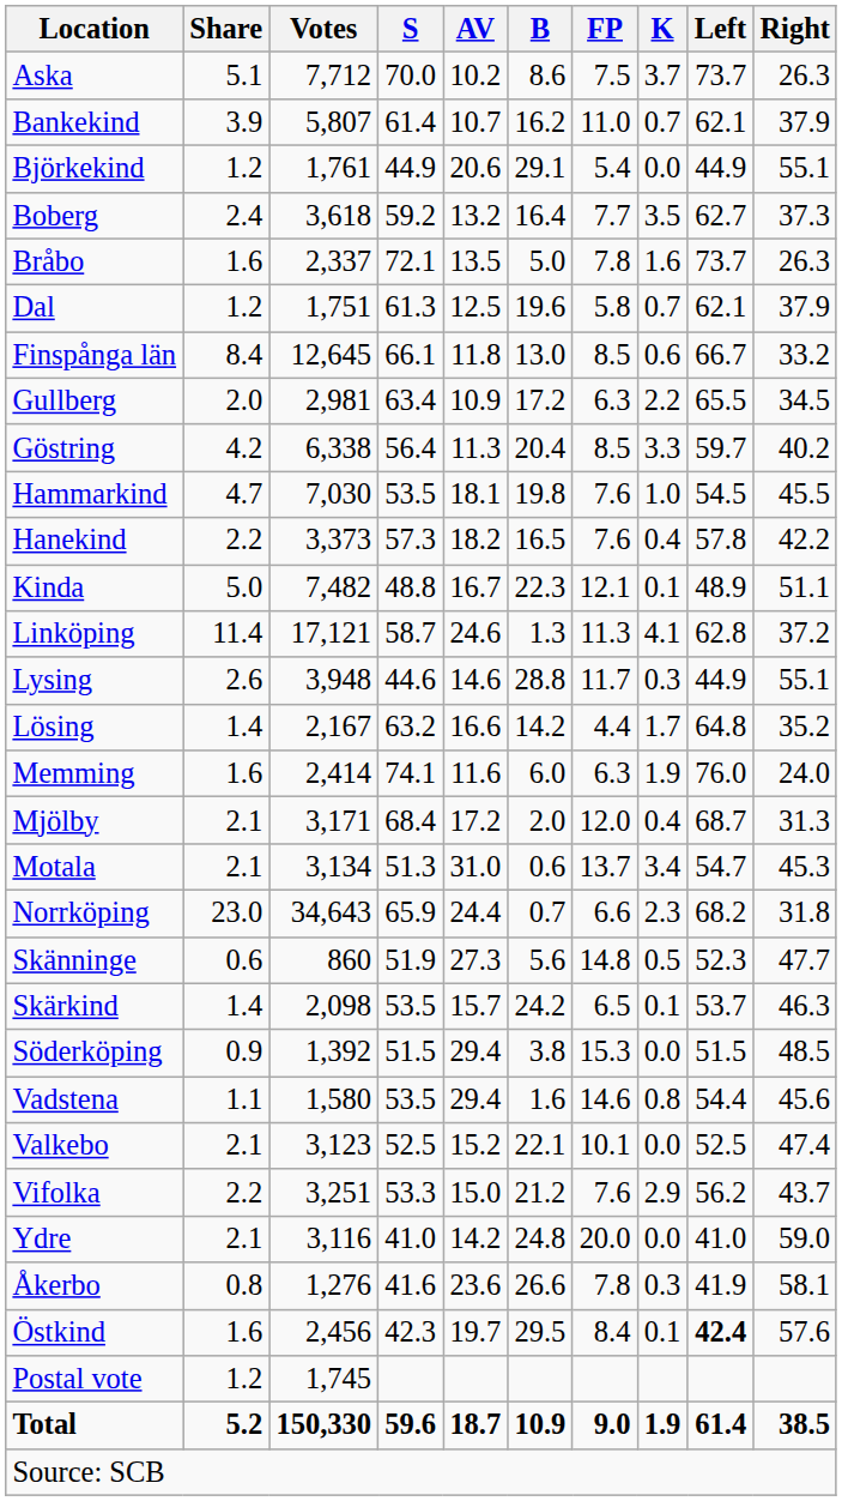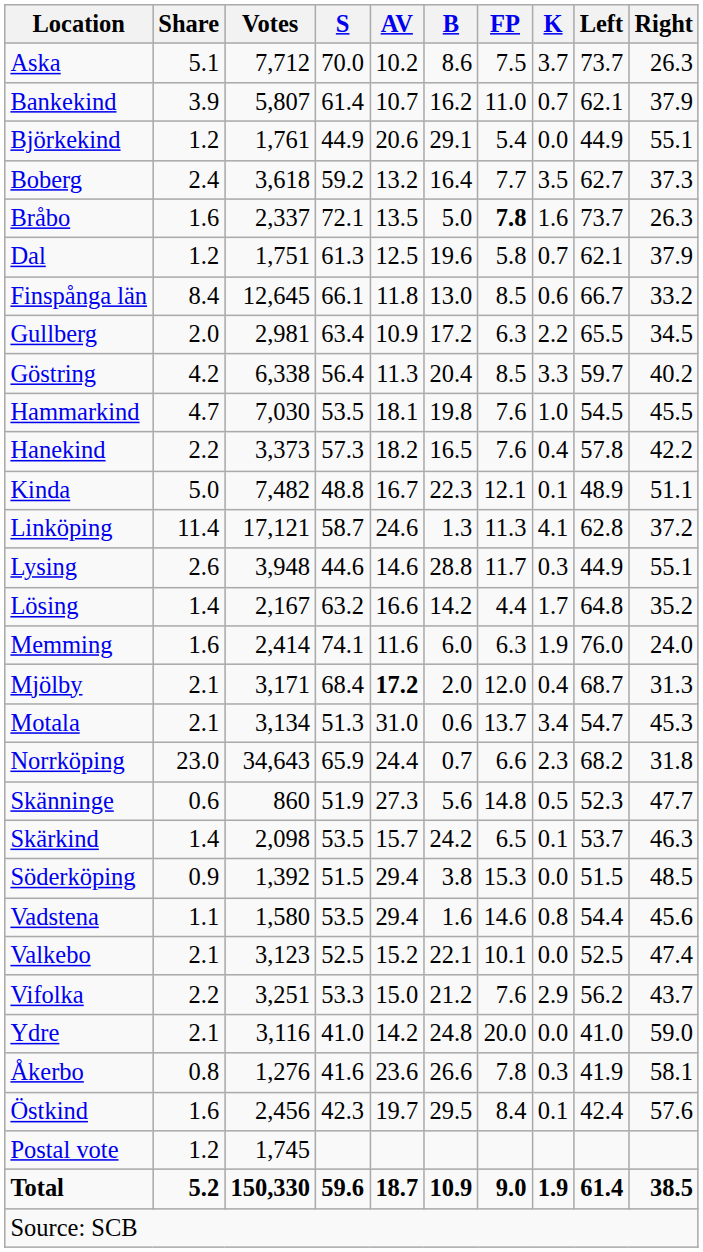 <table class="wikitable sortable" style=text-align:right>
 <tr>
 <th>Location</th>
 <th>Share</th>
 <th>Votes</th>
 <th><a href='#'>S</a></th>
 <th><a href='#'>AV</a></th>
 <th><a href='#'>B</a></th>
 <th><a href='#'>FP</a></th>
 <th><a href='#'>K</a></th>
 <th>Left</th>
 <th>Right</th>
 </tr>
 <tr>
 <td align=left><a href='#'>Aska</a></td>
 <td>5.1</td>
 <td>7,712</td>
 <td>70.0</td>
 <td>10.2</td>
 <td>8.6</td>
 <td>7.5</td>
 <td>3.7</td>
 <td>73.7</td>
 <td>26.3</td>
 </tr>
 <tr>
 <td align=left><a href='#'>Bankekind</a></td>
 <td>3.9</td>
 <td>5,807</td>
 <td>61.4</td>
 <td>10.7</td>
 <td>16.2</td>
 <td>11.0</td>
 <td>0.7</td>
 <td>62.1</td>
 <td>37.9</td>
 </tr>
 <tr>
 <td align=left><a href='#'>Björkekind</a></td>
 <td>1.2</td>
 <td>1,761</td>
 <td>44.9</td>
 <td>20.6</td>
 <td>29.1</td>
 <td>5.4</td>
 <td>0.0</td>
 <td>44.9</td>
 <td>55.1</td>
 </tr>
 <tr>
 <td align=left><a href='#'>Boberg</a></td>
 <td>2.4</td>
 <td>3,618</td>
 <td>59.2</td>
 <td>13.2</td>
 <td>16.4</td>
 <td>7.7</td>
 <td>3.5</td>
 <td>62.7</td>
 <td>37.3</td>
 </tr>
 <tr>
 <td align=left><a href='#'>Bråbo</a></td>
 <td>1.6</td>
 <td>2,337</td>
 <td>72.1</td>
 <td>13.5</td>
 <td>5.0</td>
-<td>7.8</td>
+<td><strong>7.8</strong></td>
 <td>1.6</td>
 <td>73.7</td>
 <td>26.3</td>
 </tr>
 <tr>
 <td align=left><a href='#'>Dal</a></td>
 <td>1.2</td>
 <td>1,751</td>
 <td>61.3</td>
 <td>12.5</td>
 <td>19.6</td>
 <td>5.8</td>
 <td>0.7</td>
 <td>62.1</td>
 <td>37.9</td>
 </tr>
 <tr>
 <td align=left><a href='#'>Finspånga län</a></td>
 <td>8.4</td>
 <td>12,645</td>
 <td>66.1</td>
 <td>11.8</td>
 <td>13.0</td>
 <td>8.5</td>
 <td>0.6</td>
 <td>66.7</td>
 <td>33.2</td>
 </tr>
 <tr>
 <td align=left><a href='#'>Gullberg</a></td>
 <td>2.0</td>
 <td>2,981</td>
 <td>63.4</td>
 <td>10.9</td>
 <td>17.2</td>
 <td>6.3</td>
 <td>2.2</td>
 <td>65.5</td>
 <td>34.5</td>
 </tr>
 <tr>
 <td align=left><a href='#'>Göstring</a></td>
 <td>4.2</td>
 <td>6,338</td>
 <td>56.4</td>
 <td>11.3</td>
 <td>20.4</td>
 <td>8.5</td>
 <td>3.3</td>
 <td>59.7</td>
 <td>40.2</td>
 </tr>
 <tr>
 <td align=left><a href='#'>Hammarkind</a></td>
 <td>4.7</td>
 <td>7,030</td>
 <td>53.5</td>
 <td>18.1</td>
 <td>19.8</td>
 <td>7.6</td>
 <td>1.0</td>
 <td>54.5</td>
 <td>45.5</td>
 </tr>
 <tr>
 <td align=left><a href='#'>Hanekind</a></td>
 <td>2.2</td>
 <td>3,373</td>
 <td>57.3</td>
 <td>18.2</td>
 <td>16.5</td>
 <td>7.6</td>
 <td>0.4</td>
 <td>57.8</td>
 <td>42.2</td>
 </tr>
 <tr>
 <td align=left><a href='#'>Kinda</a></td>
 <td>5.0</td>
 <td>7,482</td>
 <td>48.8</td>
 <td>16.7</td>
 <td>22.3</td>
 <td>12.1</td>
 <td>0.1</td>
 <td>48.9</td>
 <td>51.1</td>
 </tr>
 <tr>
 <td align=left><a href='#'>Linköping</a></td>
 <td>11.4</td>
 <td>17,121</td>
 <td>58.7</td>
 <td>24.6</td>
 <td>1.3</td>
 <td>11.3</td>
 <td>4.1</td>
 <td>62.8</td>
 <td>37.2</td>
 </tr>
 <tr>
 <td align=left><a href='#'>Lysing</a></td>
 <td>2.6</td>
 <td>3,948</td>
 <td>44.6</td>
 <td>14.6</td>
 <td>28.8</td>
 <td>11.7</td>
 <td>0.3</td>
 <td>44.9</td>
 <td>55.1</td>
 </tr>
 <tr>
 <td align=left><a href='#'>Lösing</a></td>
 <td>1.4</td>
 <td>2,167</td>
 <td>63.2</td>
 <td>16.6</td>
 <td>14.2</td>
 <td>4.4</td>
 <td>1.7</td>
 <td>64.8</td>
 <td>35.2</td>
 </tr>
 <tr>
 <td align=left><a href='#'>Memming</a></td>
 <td>1.6</td>
 <td>2,414</td>
 <td>74.1</td>
 <td>11.6</td>
 <td>6.0</td>
 <td>6.3</td>
 <td>1.9</td>
 <td>76.0</td>
 <td>24.0</td>
 </tr>
 <tr>
 <td align=left><a href='#'>Mjölby</a></td>
 <td>2.1</td>
 <td>3,171</td>
 <td>68.4</td>
-<td>17.2</td>
+<td><strong>17.2</strong></td>
 <td>2.0</td>
 <td>12.0</td>
 <td>0.4</td>
 <td>68.7</td>
 <td>31.3</td>
 </tr>
 <tr>
 <td align=left><a href='#'>Motala</a></td>
 <td>2.1</td>
 <td>3,134</td>
 <td>51.3</td>
 <td>31.0</td>
 <td>0.6</td>
 <td>13.7</td>
 <td>3.4</td>
 <td>54.7</td>
 <td>45.3</td>
 </tr>
 <tr>
 <td align=left><a href='#'>Norrköping</a></td>
 <td>23.0</td>
 <td>34,643</td>
 <td>65.9</td>
 <td>24.4</td>
 <td>0.7</td>
 <td>6.6</td>
 <td>2.3</td>
 <td>68.2</td>
 <td>31.8</td>
 </tr>
 <tr>
 <td align=left><a href='#'>Skänninge</a></td>
 <td>0.6</td>
 <td>860</td>
 <td>51.9</td>
 <td>27.3</td>
 <td>5.6</td>
 <td>14.8</td>
 <td>0.5</td>
 <td>52.3</td>
 <td>47.7</td>
 </tr>
 <tr>
 <td align=left><a href='#'>Skärkind</a></td>
 <td>1.4</td>
 <td>2,098</td>
 <td>53.5</td>
 <td>15.7</td>
 <td>24.2</td>
 <td>6.5</td>
 <td>0.1</td>
 <td>53.7</td>
 <td>46.3</td>
 </tr>
 <tr>
 <td align=left><a href='#'>Söderköping</a></td>
 <td>0.9</td>
 <td>1,392</td>
 <td>51.5</td>
 <td>29.4</td>
 <td>3.8</td>
 <td>15.3</td>
 <td>0.0</td>
 <td>51.5</td>
 <td>48.5</td>
 </tr>
 <tr>
 <td align=left><a href='#'>Vadstena</a></td>
 <td>1.1</td>
 <td>1,580</td>
 <td>53.5</td>
 <td>29.4</td>
 <td>1.6</td>
 <td>14.6</td>
 <td>0.8</td>
 <td>54.4</td>
 <td>45.6</td>
 </tr>
 <tr>
 <td align=left><a href='#'>Valkebo</a></td>
 <td>2.1</td>
 <td>3,123</td>
 <td>52.5</td>
 <td>15.2</td>
 <td>22.1</td>
 <td>10.1</td>
 <td>0.0</td>
 <td>52.5</td>
 <td>47.4</td>
 </tr>
 <tr>
 <td align=left><a href='#'>Vifolka</a></td>
 <td>2.2</td>
 <td>3,251</td>
 <td>53.3</td>
 <td>15.0</td>
 <td>21.2</td>
 <td>7.6</td>
 <td>2.9</td>
 <td>56.2</td>
 <td>43.7</td>
 </tr>
 <tr>
 <td align=left><a href='#'>Ydre</a></td>
 <td>2.1</td>
 <td>3,116</td>
 <td>41.0</td>
 <td>14.2</td>
 <td>24.8</td>
 <td>20.0</td>
 <td>0.0</td>
 <td>41.0</td>
 <td>59.0</td>
 </tr>
 <tr>
 <td align=left><a href='#'>Åkerbo</a></td>
 <td>0.8</td>
 <td>1,276</td>
 <td>41.6</td>
 <td>23.6</td>
 <td>26.6</td>
 <td>7.8</td>
 <td>0.3</td>
 <td>41.9</td>
 <td>58.1</td>
 </tr>
 <tr>
 <td align=left><a href='#'>Östkind</a></td>
 <td>1.6</td>
 <td>2,456</td>
 <td>42.3</td>
 <td>19.7</td>
 <td>29.5</td>
 <td>8.4</td>
 <td>0.1</td>
-<td><strong>42.4</strong></td>
+<td>42.4</td>
 <td>57.6</td>
 </tr>
 <tr>
 <td align=left><a href='#'>Postal vote</a></td>
 <td>1.2</td>
 <td>1,745</td>
 <td></td>
 <td></td>
 <td></td>
 <td></td>
 <td></td>
 <td></td>
 <td></td>
 </tr>
 <tr>
 <td align=left><strong>Total</strong></td>
 <td><strong>5.2</strong></td>
 <td><strong>150,330</strong></td>
 <td><strong>59.6</strong></td>
 <td><strong>18.7</strong></td>
 <td><strong>10.9</strong></td>
 <td><strong>9.0</strong></td>
 <td><strong>1.9</strong></td>
 <td><strong>61.4</strong></td>
 <td><strong>38.5</strong></td>
 </tr>
 <tr>
 <td align=left colspan=10>Source: SCB </td>
 </tr>
 </table>
